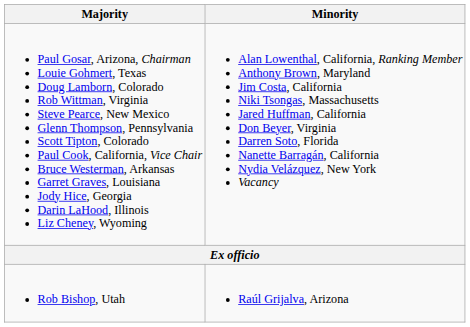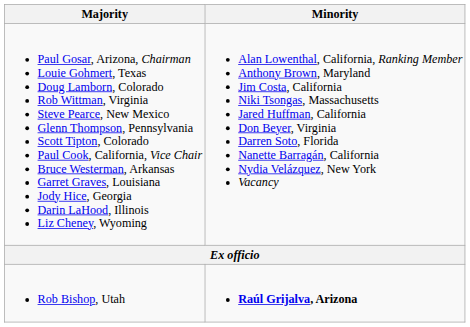 <table class=wikitable>
 <tr>
 <th>Majority</th>
 <th>Minority</th>
 </tr>
 <tr valign=top>
 <td><br><ul><li><a href='#'>Paul Gosar</a>, Arizona, <em>Chairman</em></li><li><a href='#'>Louie Gohmert</a>, Texas</li><li><a href='#'>Doug Lamborn</a>, Colorado</li><li><a href='#'>Rob Wittman</a>, Virginia</li><li><a href='#'>Steve Pearce</a>, New Mexico</li><li><a href='#'>Glenn Thompson</a>, Pennsylvania</li><li><a href='#'>Scott Tipton</a>, Colorado</li><li><a href='#'>Paul Cook</a>, California, <em>Vice Chair</em></li><li><a href='#'>Bruce Westerman</a>, Arkansas</li><li><a href='#'>Garret Graves</a>, Louisiana</li><li><a href='#'>Jody Hice</a>, Georgia</li><li><a href='#'>Darin LaHood</a>, Illinois</li><li><a href='#'>Liz Cheney</a>, Wyoming</li></ul></td>
 <td><br><ul><li><a href='#'>Alan Lowenthal</a>, California, <em>Ranking Member</em></li><li><a href='#'>Anthony Brown</a>, Maryland</li><li><a href='#'>Jim Costa</a>, California</li><li><a href='#'>Niki Tsongas</a>, Massachusetts</li><li><a href='#'>Jared Huffman</a>, California</li><li><a href='#'>Don Beyer</a>, Virginia</li><li><a href='#'>Darren Soto</a>, Florida</li><li><a href='#'>Nanette Barragán</a>, California</li><li><a href='#'>Nydia Velázquez</a>, New York</li><li><em>Vacancy</em></li></ul></td>
 </tr>
 <tr>
 <th colspan=2><em>Ex officio</em></th>
 </tr>
 <tr>
 <td><br><ul><li><a href='#'>Rob Bishop</a>, Utah</li></ul></td>
-<td><br><ul><li><a href='#'>Raúl Grijalva</a>, Arizona</li></ul></td>
+<td><strong><br><ul><li><a href='#'>Raúl Grijalva</a>, Arizona</li></ul></strong></td>
 </tr>
 </table>
